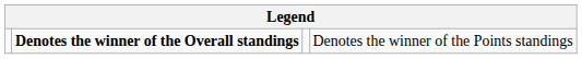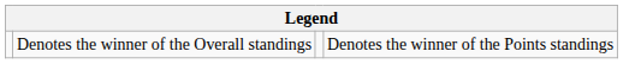 <table class="wikitable">
 <tr>
 <th colspan="4">Legend</th>
 </tr>
 <tr>
 <td></td>
-<td><strong>Denotes the winner of the Overall standings</strong></td>
+<td>Denotes the winner of the Overall standings</td>
 <td></td>
 <td>Denotes the winner of the Points standings</td>
 </tr>
 </table>
